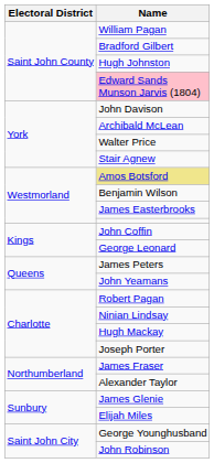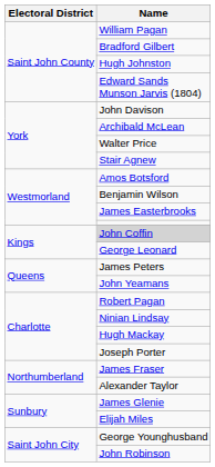 <table class="wikitable">
 <tr>
 <th>Electoral District</th>
 <th>Name</th>
 </tr>
 <tr>
 <td rowspan="4"><a href='#'>Saint John County</a></td>
 <td><a href='#'>William Pagan</a></td>
 </tr>
 <tr>
 <td><a href='#'>Bradford Gilbert</a></td>
 </tr>
 <tr>
 <td><a href='#'>Hugh Johnston</a></td>
 </tr>
 <tr>
-<td style="background: pink;"><a href='#'>Edward Sands</a><br><a href='#'>Munson Jarvis</a> (1804)</td>
+<td><a href='#'>Edward Sands</a><br><a href='#'>Munson Jarvis</a> (1804)</td>
 </tr>
 <tr>
 <td rowspan="4"><a href='#'>York</a></td>
 <td>John Davison</td>
 </tr>
 <tr>
 <td><a href='#'>Archibald McLean</a></td>
 </tr>
 <tr>
 <td>Walter Price</td>
 </tr>
 <tr>
 <td><a href='#'>Stair Agnew</a></td>
 </tr>
 <tr>
 <td rowspan="4"><a href='#'>Westmorland</a></td>
-<td style="background: khaki;"><a href='#'>Amos Botsford</a></td>
+<td><a href='#'>Amos Botsford</a></td>
 </tr>
 <tr>
 <td>Benjamin Wilson</td>
 </tr>
 <tr>
 <td><a href='#'>James Easterbrooks</a></td>
 </tr>
 <tr>
 <td></td>
 </tr>
 <tr>
 <td rowspan="2"><a href='#'>Kings</a></td>
-<td><a href='#'>John Coffin</a></td>
+<td style="background: lightgrey;"><a href='#'>John Coffin</a></td>
 </tr>
 <tr>
 <td><a href='#'>George Leonard</a></td>
 </tr>
 <tr>
 <td rowspan="2"><a href='#'>Queens</a></td>
 <td>James Peters</td>
 </tr>
 <tr>
 <td><a href='#'>John Yeamans</a></td>
 </tr>
 <tr>
 <td rowspan="4"><a href='#'>Charlotte</a></td>
 <td><a href='#'>Robert Pagan</a></td>
 </tr>
 <tr>
 <td><a href='#'>Ninian Lindsay</a></td>
 </tr>
 <tr>
 <td><a href='#'>Hugh Mackay</a></td>
 </tr>
 <tr>
 <td>Joseph Porter</td>
 </tr>
 <tr>
 <td rowspan="2"><a href='#'>Northumberland</a></td>
 <td><a href='#'>James Fraser</a></td>
 </tr>
 <tr>
 <td>Alexander Taylor</td>
 </tr>
 <tr>
 <td rowspan="2"><a href='#'>Sunbury</a></td>
 <td><a href='#'>James Glenie</a></td>
 </tr>
 <tr>
 <td><a href='#'>Elijah Miles</a></td>
 </tr>
 <tr>
 <td rowspan="2"><a href='#'>Saint John City</a></td>
 <td>George Younghusband</td>
 </tr>
 <tr>
 <td><a href='#'>John Robinson</a></td>
 </tr>
 </table>
